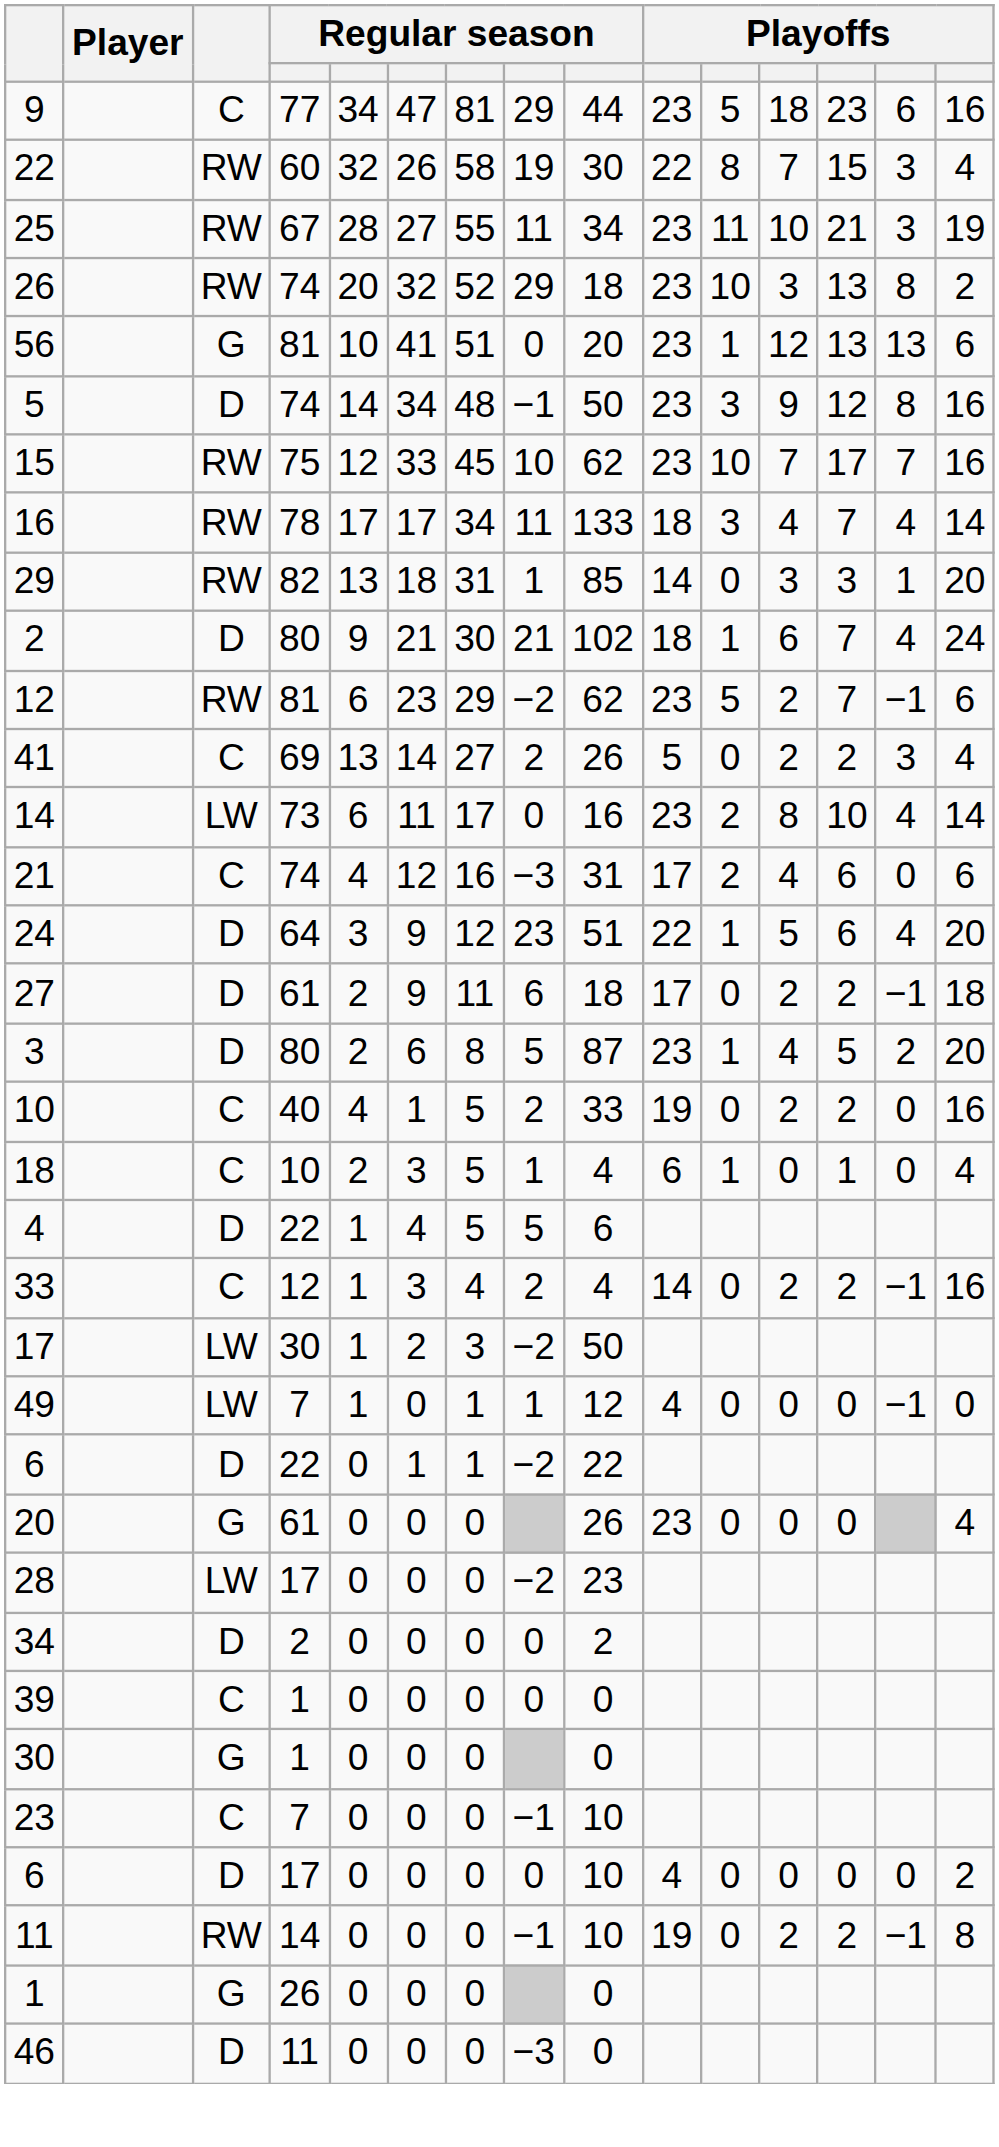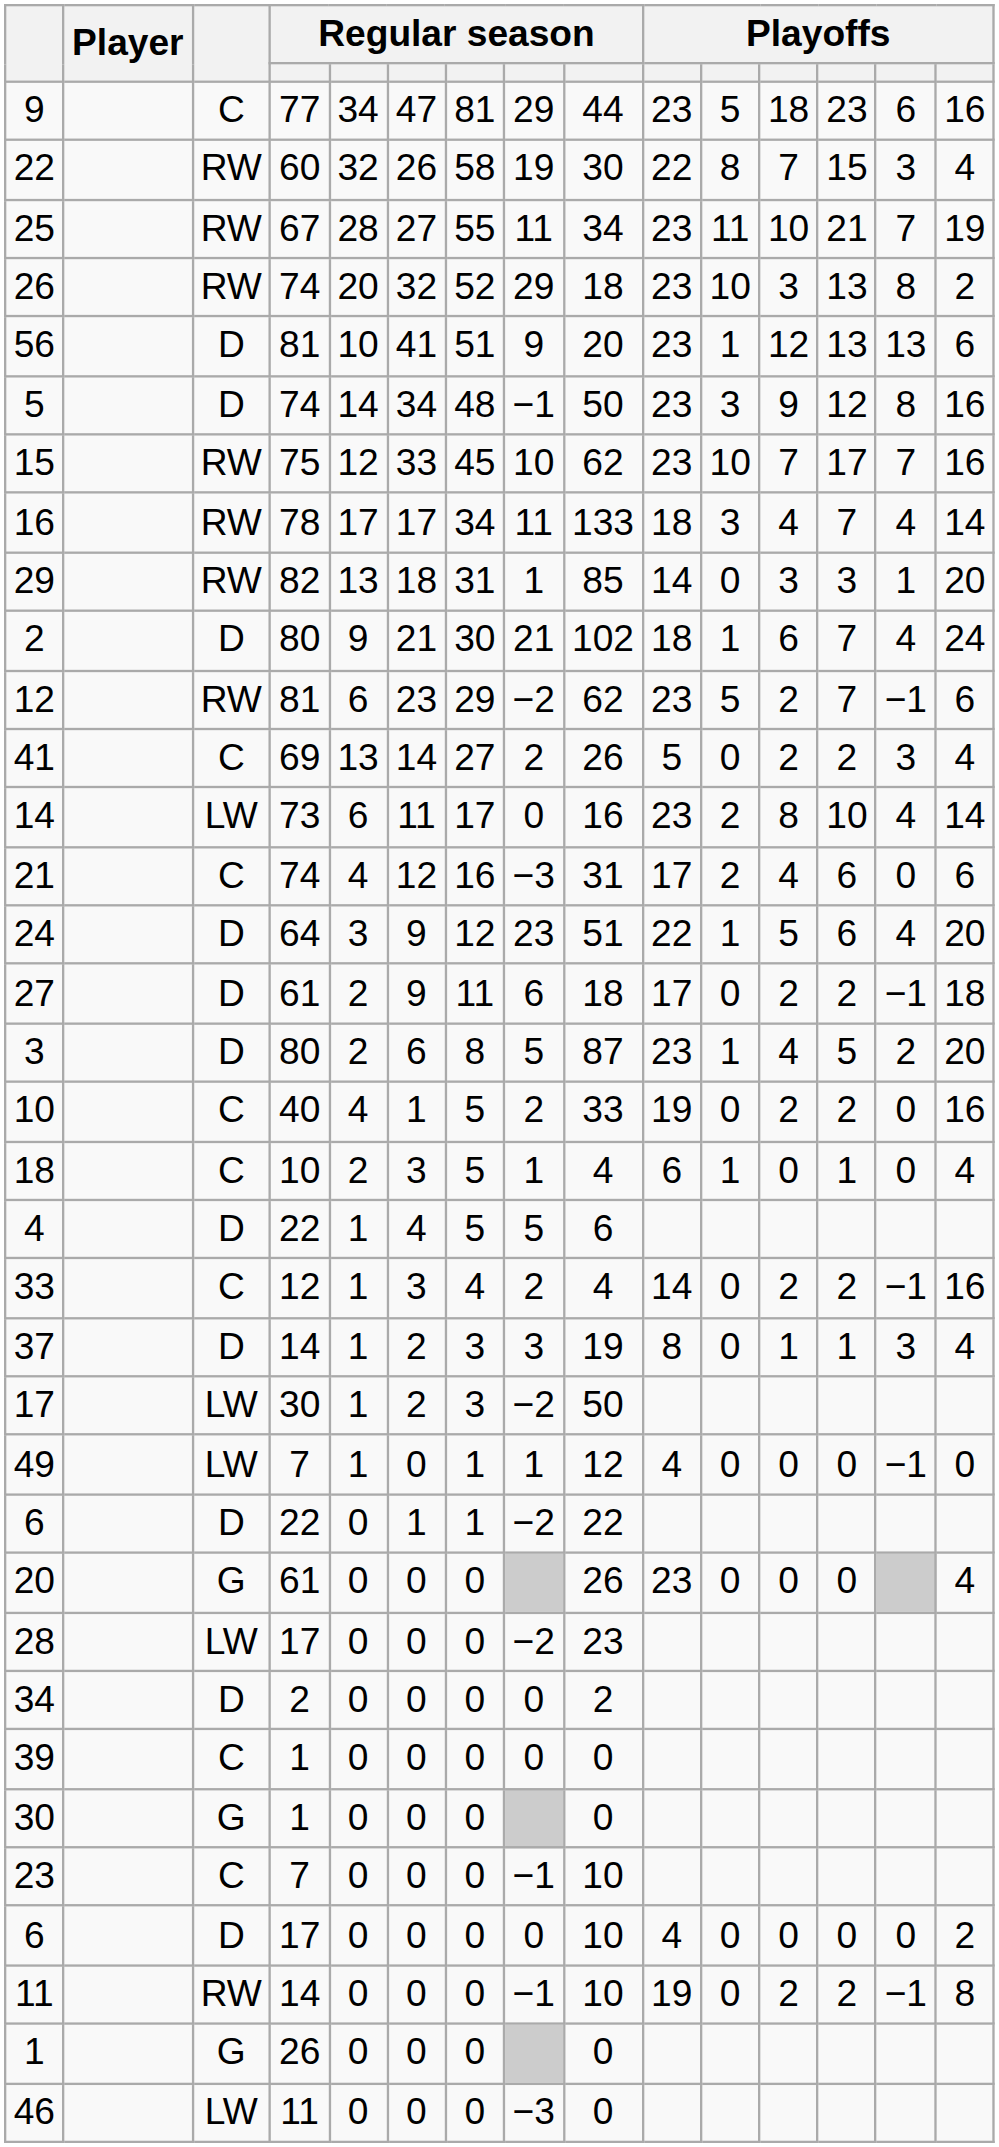 <table class="wikitable sortable plainrowheaders" style="text-align:center;">
 <tr>
 <th scope="col" data-sort-type="number" rowspan="2"></th>
 <th scope="col" rowspan="2">Player</th>
 <th scope="col" rowspan="2"></th>
 <th scope=colgroup colspan=6>Regular season</th>
 <th scope=colgroup colspan=6>Playoffs</th>
 </tr>
 <tr>
 <th scope="col" data-sort-type="number"></th>
 <th scope="col" data-sort-type="number"></th>
 <th scope="col" data-sort-type="number"></th>
 <th scope="col" data-sort-type="number"></th>
 <th scope="col" data-sort-type="number"></th>
 <th scope="col" data-sort-type="number"></th>
 <th scope="col" data-sort-type="number"></th>
 <th scope="col" data-sort-type="number"></th>
 <th scope="col" data-sort-type="number"></th>
 <th scope="col" data-sort-type="number"></th>
 <th scope="col" data-sort-type="number"></th>
 <th scope="col" data-sort-type="number"></th>
 </tr>
 <tr>
 <td scope="row">9</td>
 <td align="left"></td>
 <td>C</td>
 <td>77</td>
 <td>34</td>
 <td>47</td>
 <td>81</td>
 <td>29</td>
 <td>44</td>
 <td>23</td>
 <td>5</td>
 <td>18</td>
 <td>23</td>
 <td>6</td>
 <td>16</td>
 </tr>
 <tr>
 <td scope="row">22</td>
 <td align="left"></td>
 <td>RW</td>
 <td>60</td>
 <td>32</td>
 <td>26</td>
 <td>58</td>
 <td>19</td>
 <td>30</td>
 <td>22</td>
 <td>8</td>
 <td>7</td>
 <td>15</td>
 <td>3</td>
 <td>4</td>
 </tr>
 <tr>
 <td scope="row">25</td>
 <td align="left"></td>
 <td>RW</td>
 <td>67</td>
 <td>28</td>
 <td>27</td>
 <td>55</td>
 <td>11</td>
 <td>34</td>
 <td>23</td>
 <td>11</td>
 <td>10</td>
 <td>21</td>
-<td>3</td>
+<td>7</td>
 <td>19</td>
 </tr>
 <tr>
 <td scope="row">26</td>
 <td align="left"></td>
 <td>RW</td>
 <td>74</td>
 <td>20</td>
 <td>32</td>
 <td>52</td>
 <td>29</td>
 <td>18</td>
 <td>23</td>
 <td>10</td>
 <td>3</td>
 <td>13</td>
 <td>8</td>
 <td>2</td>
 </tr>
 <tr>
 <td scope="row">56</td>
 <td align="left"></td>
-<td>G</td>
+<td>D</td>
 <td>81</td>
 <td>10</td>
 <td>41</td>
 <td>51</td>
-<td>0</td>
+<td>9</td>
 <td>20</td>
 <td>23</td>
 <td>1</td>
 <td>12</td>
 <td>13</td>
 <td>13</td>
 <td>6</td>
 </tr>
 <tr>
 <td scope="row">5</td>
 <td align="left"></td>
 <td>D</td>
 <td>74</td>
 <td>14</td>
 <td>34</td>
 <td>48</td>
 <td>−1</td>
 <td>50</td>
 <td>23</td>
 <td>3</td>
 <td>9</td>
 <td>12</td>
 <td>8</td>
 <td>16</td>
 </tr>
 <tr>
 <td scope="row">15</td>
 <td align="left"></td>
 <td>RW</td>
 <td>75</td>
 <td>12</td>
 <td>33</td>
 <td>45</td>
 <td>10</td>
 <td>62</td>
 <td>23</td>
 <td>10</td>
 <td>7</td>
 <td>17</td>
 <td>7</td>
 <td>16</td>
 </tr>
 <tr>
 <td scope="row">16</td>
 <td align="left"></td>
 <td>RW</td>
 <td>78</td>
 <td>17</td>
 <td>17</td>
 <td>34</td>
 <td>11</td>
 <td>133</td>
 <td>18</td>
 <td>3</td>
 <td>4</td>
 <td>7</td>
 <td>4</td>
 <td>14</td>
 </tr>
 <tr>
 <td scope="row">29</td>
 <td align="left"></td>
 <td>RW</td>
 <td>82</td>
 <td>13</td>
 <td>18</td>
 <td>31</td>
 <td>1</td>
 <td>85</td>
 <td>14</td>
 <td>0</td>
 <td>3</td>
 <td>3</td>
 <td>1</td>
 <td>20</td>
 </tr>
 <tr>
 <td scope="row">2</td>
 <td align="left"></td>
 <td>D</td>
 <td>80</td>
 <td>9</td>
 <td>21</td>
 <td>30</td>
 <td>21</td>
 <td>102</td>
 <td>18</td>
 <td>1</td>
 <td>6</td>
 <td>7</td>
 <td>4</td>
 <td>24</td>
 </tr>
 <tr>
 <td scope="row">12</td>
 <td align="left"></td>
 <td>RW</td>
 <td>81</td>
 <td>6</td>
 <td>23</td>
 <td>29</td>
 <td>−2</td>
 <td>62</td>
 <td>23</td>
 <td>5</td>
 <td>2</td>
 <td>7</td>
 <td>−1</td>
 <td>6</td>
 </tr>
 <tr>
 <td scope="row">41</td>
 <td align="left"></td>
 <td>C</td>
 <td>69</td>
 <td>13</td>
 <td>14</td>
 <td>27</td>
 <td>2</td>
 <td>26</td>
 <td>5</td>
 <td>0</td>
 <td>2</td>
 <td>2</td>
 <td>3</td>
 <td>4</td>
 </tr>
 <tr>
 <td scope="row">14</td>
 <td align="left"></td>
 <td>LW</td>
 <td>73</td>
 <td>6</td>
 <td>11</td>
 <td>17</td>
 <td>0</td>
 <td>16</td>
 <td>23</td>
 <td>2</td>
 <td>8</td>
 <td>10</td>
 <td>4</td>
 <td>14</td>
 </tr>
 <tr>
 <td scope="row">21</td>
 <td align="left"></td>
 <td>C</td>
 <td>74</td>
 <td>4</td>
 <td>12</td>
 <td>16</td>
 <td>−3</td>
 <td>31</td>
 <td>17</td>
 <td>2</td>
 <td>4</td>
 <td>6</td>
 <td>0</td>
 <td>6</td>
 </tr>
 <tr>
 <td scope="row">24</td>
 <td align="left"></td>
 <td>D</td>
 <td>64</td>
 <td>3</td>
 <td>9</td>
 <td>12</td>
 <td>23</td>
 <td>51</td>
 <td>22</td>
 <td>1</td>
 <td>5</td>
 <td>6</td>
 <td>4</td>
 <td>20</td>
 </tr>
 <tr>
 <td scope="row">27</td>
 <td align="left"></td>
 <td>D</td>
 <td>61</td>
 <td>2</td>
 <td>9</td>
 <td>11</td>
 <td>6</td>
 <td>18</td>
 <td>17</td>
 <td>0</td>
 <td>2</td>
 <td>2</td>
 <td>−1</td>
 <td>18</td>
 </tr>
 <tr>
 <td scope="row">3</td>
 <td align="left"></td>
 <td>D</td>
 <td>80</td>
 <td>2</td>
 <td>6</td>
 <td>8</td>
 <td>5</td>
 <td>87</td>
 <td>23</td>
 <td>1</td>
 <td>4</td>
 <td>5</td>
 <td>2</td>
 <td>20</td>
 </tr>
 <tr>
 <td scope="row">10</td>
 <td align="left"></td>
 <td>C</td>
 <td>40</td>
 <td>4</td>
 <td>1</td>
 <td>5</td>
 <td>2</td>
 <td>33</td>
 <td>19</td>
 <td>0</td>
 <td>2</td>
 <td>2</td>
 <td>0</td>
 <td>16</td>
 </tr>
 <tr>
 <td scope="row">18</td>
 <td align="left"></td>
 <td>C</td>
 <td>10</td>
 <td>2</td>
 <td>3</td>
 <td>5</td>
 <td>1</td>
 <td>4</td>
 <td>6</td>
 <td>1</td>
 <td>0</td>
 <td>1</td>
 <td>0</td>
 <td>4</td>
 </tr>
 <tr>
 <td scope="row">4</td>
 <td align="left"></td>
 <td>D</td>
 <td>22</td>
 <td>1</td>
 <td>4</td>
 <td>5</td>
 <td>5</td>
 <td>6</td>
 <td></td>
 <td></td>
 <td></td>
 <td></td>
 <td></td>
 <td></td>
 </tr>
 <tr>
 <td scope="row">33</td>
 <td align="left"></td>
 <td>C</td>
 <td>12</td>
 <td>1</td>
 <td>3</td>
 <td>4</td>
 <td>2</td>
 <td>4</td>
 <td>14</td>
 <td>0</td>
 <td>2</td>
 <td>2</td>
 <td>−1</td>
 <td>16</td>
 </tr>
 <tr>
+<td scope="row">37</td>
+<td align="left"></td>
+<td>D</td>
+<td>14</td>
+<td>1</td>
+<td>2</td>
+<td>3</td>
+<td>3</td>
+<td>19</td>
+<td>8</td>
+<td>0</td>
+<td>1</td>
+<td>1</td>
+<td>3</td>
+<td>4</td>
+</tr>
+<tr>
 <td scope="row">17</td>
 <td align="left"></td>
 <td>LW</td>
 <td>30</td>
 <td>1</td>
 <td>2</td>
 <td>3</td>
 <td>−2</td>
 <td>50</td>
 <td></td>
 <td></td>
 <td></td>
 <td></td>
 <td></td>
 <td></td>
 </tr>
 <tr>
 <td scope="row">49</td>
 <td align="left"></td>
 <td>LW</td>
 <td>7</td>
 <td>1</td>
 <td>0</td>
 <td>1</td>
 <td>1</td>
 <td>12</td>
 <td>4</td>
 <td>0</td>
 <td>0</td>
 <td>0</td>
 <td>−1</td>
 <td>0</td>
 </tr>
 <tr>
 <td scope="row">6</td>
 <td align="left"></td>
 <td>D</td>
 <td>22</td>
 <td>0</td>
 <td>1</td>
 <td>1</td>
 <td>−2</td>
 <td>22</td>
 <td></td>
 <td></td>
 <td></td>
 <td></td>
 <td></td>
 <td></td>
 </tr>
 <tr>
 <td scope="row">20</td>
 <td align="left"></td>
 <td>G</td>
 <td>61</td>
 <td>0</td>
 <td>0</td>
 <td>0</td>
 <td style="background:#ccc"></td>
 <td>26</td>
 <td>23</td>
 <td>0</td>
 <td>0</td>
 <td>0</td>
 <td style="background:#ccc"></td>
 <td>4</td>
 </tr>
 <tr>
 <td scope="row">28</td>
 <td align="left"></td>
 <td>LW</td>
 <td>17</td>
 <td>0</td>
 <td>0</td>
 <td>0</td>
 <td>−2</td>
 <td>23</td>
 <td></td>
 <td></td>
 <td></td>
 <td></td>
 <td></td>
 <td></td>
 </tr>
 <tr>
 <td scope="row">34</td>
 <td align="left"></td>
 <td>D</td>
 <td>2</td>
 <td>0</td>
 <td>0</td>
 <td>0</td>
 <td>0</td>
 <td>2</td>
 <td></td>
 <td></td>
 <td></td>
 <td></td>
 <td></td>
 <td></td>
 </tr>
 <tr>
 <td scope="row">39</td>
 <td align="left"></td>
 <td>C</td>
 <td>1</td>
 <td>0</td>
 <td>0</td>
 <td>0</td>
 <td>0</td>
 <td>0</td>
 <td></td>
 <td></td>
 <td></td>
 <td></td>
 <td></td>
 <td></td>
 </tr>
 <tr>
 <td scope="row">30</td>
 <td align="left"></td>
 <td>G</td>
 <td>1</td>
 <td>0</td>
 <td>0</td>
 <td>0</td>
 <td style="background:#ccc"></td>
 <td>0</td>
 <td></td>
 <td></td>
 <td></td>
 <td></td>
 <td></td>
 <td></td>
 </tr>
 <tr>
 <td scope="row">23</td>
 <td align="left"></td>
 <td>C</td>
 <td>7</td>
 <td>0</td>
 <td>0</td>
 <td>0</td>
 <td>−1</td>
 <td>10</td>
 <td></td>
 <td></td>
 <td></td>
 <td></td>
 <td></td>
 <td></td>
 </tr>
 <tr>
 <td scope="row">6</td>
 <td align="left"></td>
 <td>D</td>
 <td>17</td>
 <td>0</td>
 <td>0</td>
 <td>0</td>
 <td>0</td>
 <td>10</td>
 <td>4</td>
 <td>0</td>
 <td>0</td>
 <td>0</td>
 <td>0</td>
 <td>2</td>
 </tr>
 <tr>
 <td scope="row">11</td>
 <td align="left"></td>
 <td>RW</td>
 <td>14</td>
 <td>0</td>
 <td>0</td>
 <td>0</td>
 <td>−1</td>
 <td>10</td>
 <td>19</td>
 <td>0</td>
 <td>2</td>
 <td>2</td>
 <td>−1</td>
 <td>8</td>
 </tr>
 <tr>
 <td scope="row">1</td>
 <td align="left"></td>
 <td>G</td>
 <td>26</td>
 <td>0</td>
 <td>0</td>
 <td>0</td>
 <td style="background:#ccc"></td>
 <td>0</td>
 <td></td>
 <td></td>
 <td></td>
 <td></td>
 <td></td>
 <td></td>
 </tr>
 <tr>
 <td scope="row">46</td>
 <td align="left"></td>
-<td>D</td>
+<td>LW</td>
 <td>11</td>
 <td>0</td>
 <td>0</td>
 <td>0</td>
 <td>−3</td>
 <td>0</td>
 <td></td>
 <td></td>
 <td></td>
 <td></td>
 <td></td>
 <td></td>
 </tr>
 </table>
